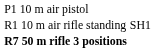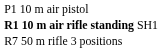 <table>
 <tr>
 <td>P1 10 m air pistol</td>
 <td rowspan=3>SH1</td>
 <td></td>
 <td></td>
 <td nowrap></td>
 </tr>
 <tr>
-<td nowrap>R1 10 m air rifle standing<br></td>
+<td nowrap><strong>R1 10 m air rifle standing<br></strong></td>
 <td></td>
 <td nowrap></td>
 <td></td>
 </tr>
 <tr>
-<td><strong>R7 50 m rifle 3 positions</strong></td>
+<td>R7 50 m rifle 3 positions</td>
 <td nowrap></td>
 <td nowrap></td>
 <td></td>
 </tr>
 </table>
